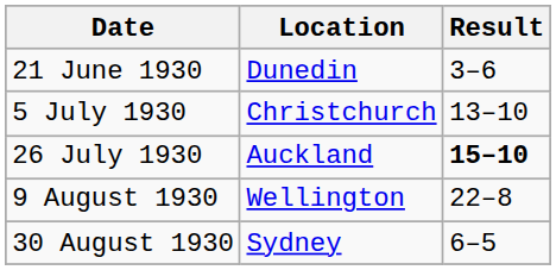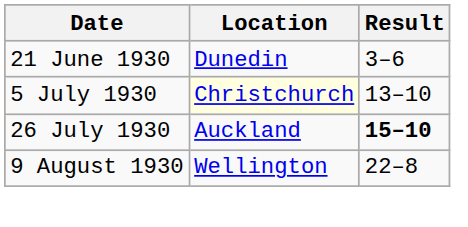 <table class="wikitable" style="align:center;">
 <tr>
 <th>Date</th>
 <th>Location</th>
 <th>Result</th>
 </tr>
 <tr>
 <td>21 June 1930</td>
 <td><a href='#'>Dunedin</a></td>
 <td> 3–6 </td>
 </tr>
 <tr>
 <td>5 July 1930</td>
-<td><a href='#'>Christchurch</a></td>
+<td style="background: lightyellow;"><a href='#'>Christchurch</a></td>
 <td> 13–10 </td>
 </tr>
 <tr>
 <td>26 July 1930</td>
 <td><a href='#'>Auckland</a></td>
 <td><strong> 15–10 </strong></td>
 </tr>
 <tr>
 <td>9 August 1930</td>
 <td><a href='#'>Wellington</a></td>
 <td> 22–8 </td>
 </tr>
-<tr>
-<td>30 August 1930</td>
-<td><a href='#'>Sydney</a></td>
-<td> 6–5 </td>
-</tr>
 </table>
